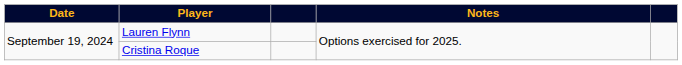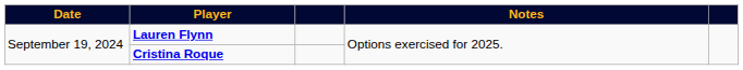 <table class="wikitable sortable" style="text-align:left;">
 <tr>
 <th style="background:#000833; color:#FDB71A; width:150px;" data-sort-type="date">Date</th>
 <th style="background:#000833; color:#FDB71A; width:200px;">Player</th>
 <th style="background:#000833; color:#FDB71A; width:55px;"></th>
 <th style="background:#000833; color:#FDB71A; width:450px;">Notes</th>
 <th style="background:#000833; color:#FDB71A; width:30px;"></th>
 </tr>
 <tr>
 <td rowspan="2">September 19, 2024</td>
-<td> <a href='#'>Lauren Flynn</a></td>
+<td><strong> <a href='#'>Lauren Flynn</a></strong></td>
 <td align="center"></td>
 <td rowspan="2">Options exercised for 2025.</td>
 <td rowspan="2"></td>
 </tr>
 <tr>
-<td> <a href='#'>Cristina Roque</a></td>
+<td><strong> <a href='#'>Cristina Roque</a></strong></td>
 <td></td>
 </tr>
 </table>
